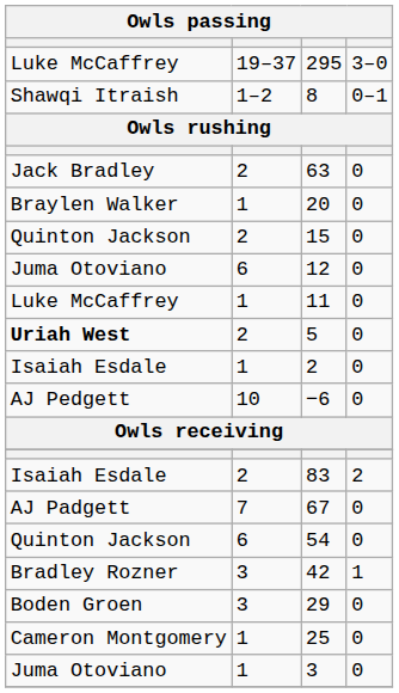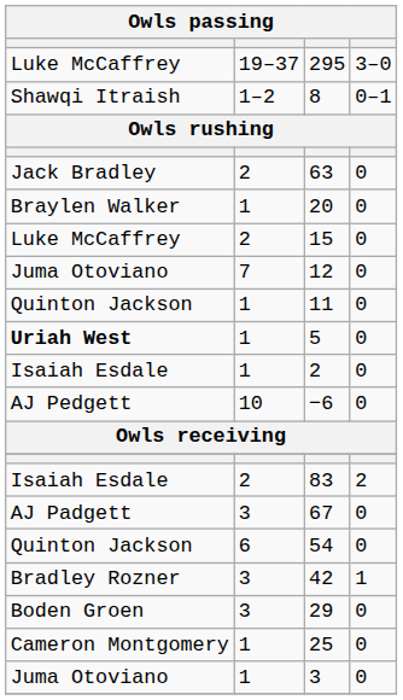 <table class="wikitable plainrowheaders">
 <tr>
 <th colspan="6">Owls passing</th>
 </tr>
 <tr>
 <th scope="col"></th>
 <th scope="col"></th>
 <th scope="col"></th>
 <th scope="col"></th>
 </tr>
 <tr>
 <td>Luke McCaffrey</td>
 <td>19–37</td>
 <td>295</td>
 <td>3–0</td>
 </tr>
 <tr>
 <td>Shawqi Itraish</td>
 <td>1–2</td>
 <td>8</td>
 <td>0–1</td>
 </tr>
 <tr>
 <th colspan="6">Owls rushing</th>
 </tr>
 <tr>
 <th scope="col"></th>
 <th scope="col"></th>
 <th scope="col"></th>
 <th scope="col"></th>
 </tr>
 <tr>
 <td>Jack Bradley</td>
 <td>2</td>
 <td>63</td>
 <td>0</td>
 </tr>
 <tr>
 <td>Braylen Walker</td>
 <td>1</td>
 <td>20</td>
 <td>0</td>
 </tr>
 <tr>
-<td>Quinton Jackson</td>
+<td>Luke McCaffrey</td>
 <td>2</td>
 <td>15</td>
 <td>0</td>
 </tr>
 <tr>
 <td>Juma Otoviano</td>
-<td>6</td>
+<td>7</td>
 <td>12</td>
 <td>0</td>
 </tr>
 <tr>
-<td>Luke McCaffrey</td>
+<td>Quinton Jackson</td>
 <td>1</td>
 <td>11</td>
 <td>0</td>
 </tr>
 <tr>
 <td><strong>Uriah West</strong></td>
-<td>2</td>
+<td>1</td>
 <td>5</td>
 <td>0</td>
 </tr>
 <tr>
 <td>Isaiah Esdale</td>
 <td>1</td>
 <td>2</td>
 <td>0</td>
 </tr>
 <tr>
 <td>AJ Pedgett</td>
 <td>10</td>
 <td>−6</td>
 <td>0</td>
 </tr>
 <tr>
 <th colspan="6">Owls receiving</th>
 </tr>
 <tr>
 </tr>
 <tr>
 <th scope="col"></th>
 <th scope="col"></th>
 <th scope="col"></th>
 <th scope="col"></th>
 </tr>
 <tr>
 <td>Isaiah Esdale</td>
 <td>2</td>
 <td>83</td>
 <td>2</td>
 </tr>
 <tr>
 <td>AJ Padgett</td>
-<td>7</td>
+<td>3</td>
 <td>67</td>
 <td>0</td>
 </tr>
 <tr>
 <td>Quinton Jackson</td>
 <td>6</td>
 <td>54</td>
 <td>0</td>
 </tr>
 <tr>
 <td>Bradley Rozner</td>
 <td>3</td>
 <td>42</td>
 <td>1</td>
 </tr>
 <tr>
 <td>Boden Groen</td>
 <td>3</td>
 <td>29</td>
 <td>0</td>
 </tr>
 <tr>
 <td>Cameron Montgomery</td>
 <td>1</td>
 <td>25</td>
 <td>0</td>
 </tr>
 <tr>
 <td>Juma Otoviano</td>
 <td>1</td>
 <td>3</td>
 <td>0</td>
 </tr>
 <tr>
 </tr>
 </table>
